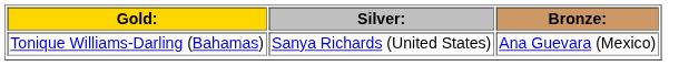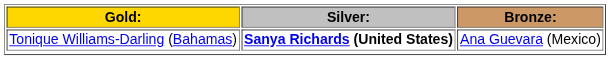 <table border="1" Cellpadding="2">
 <tr>
 <td style="text-align:center;background-color:gold;"><strong>Gold:</strong></td>
 <td style="text-align:center;background-color:silver;"><strong>Silver:</strong></td>
 <td style="text-align:center;background-color:#CC9966;"><strong>Bronze:</strong></td>
 </tr>
 <tr>
 <td> <a href='#'>Tonique Williams-Darling</a> (<a href='#'>Bahamas</a>)</td>
-<td> <a href='#'>Sanya Richards</a> (United States)</td>
+<td><strong> <a href='#'>Sanya Richards</a> (United States)</strong></td>
 <td> <a href='#'>Ana Guevara</a> (Mexico)</td>
 </tr>
 <tr>
 </tr>
 </table>
